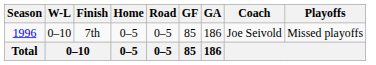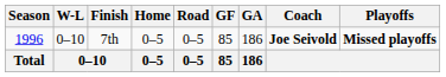 <table class="wikitable">
 <tr>
 <th>Season</th>
 <th>W-L</th>
 <th>Finish</th>
 <th>Home</th>
 <th>Road</th>
 <th>GF</th>
 <th>GA</th>
 <th>Coach</th>
 <th>Playoffs</th>
 </tr>
 <tr ALIGN=center>
 <td><a href='#'>1996</a></td>
 <td>0–10</td>
 <td>7th</td>
 <td>0–5</td>
 <td>0–5</td>
 <td>85</td>
 <td>186</td>
-<td>Joe Seivold</td>
-<td>Missed playoffs</td>
+<td><strong>Joe Seivold</strong></td>
+<td><strong>Missed playoffs</strong></td>
 </tr>
 <tr ALIGN=center bgcolor="#e0e0e0">
 <th>Total</th>
 <th colspan="2">0–10</th>
 <th>0–5</th>
 <th>0–5</th>
 <th>85</th>
 <th>186</th>
 <th colspan="2"></th>
 </tr>
 </table>
